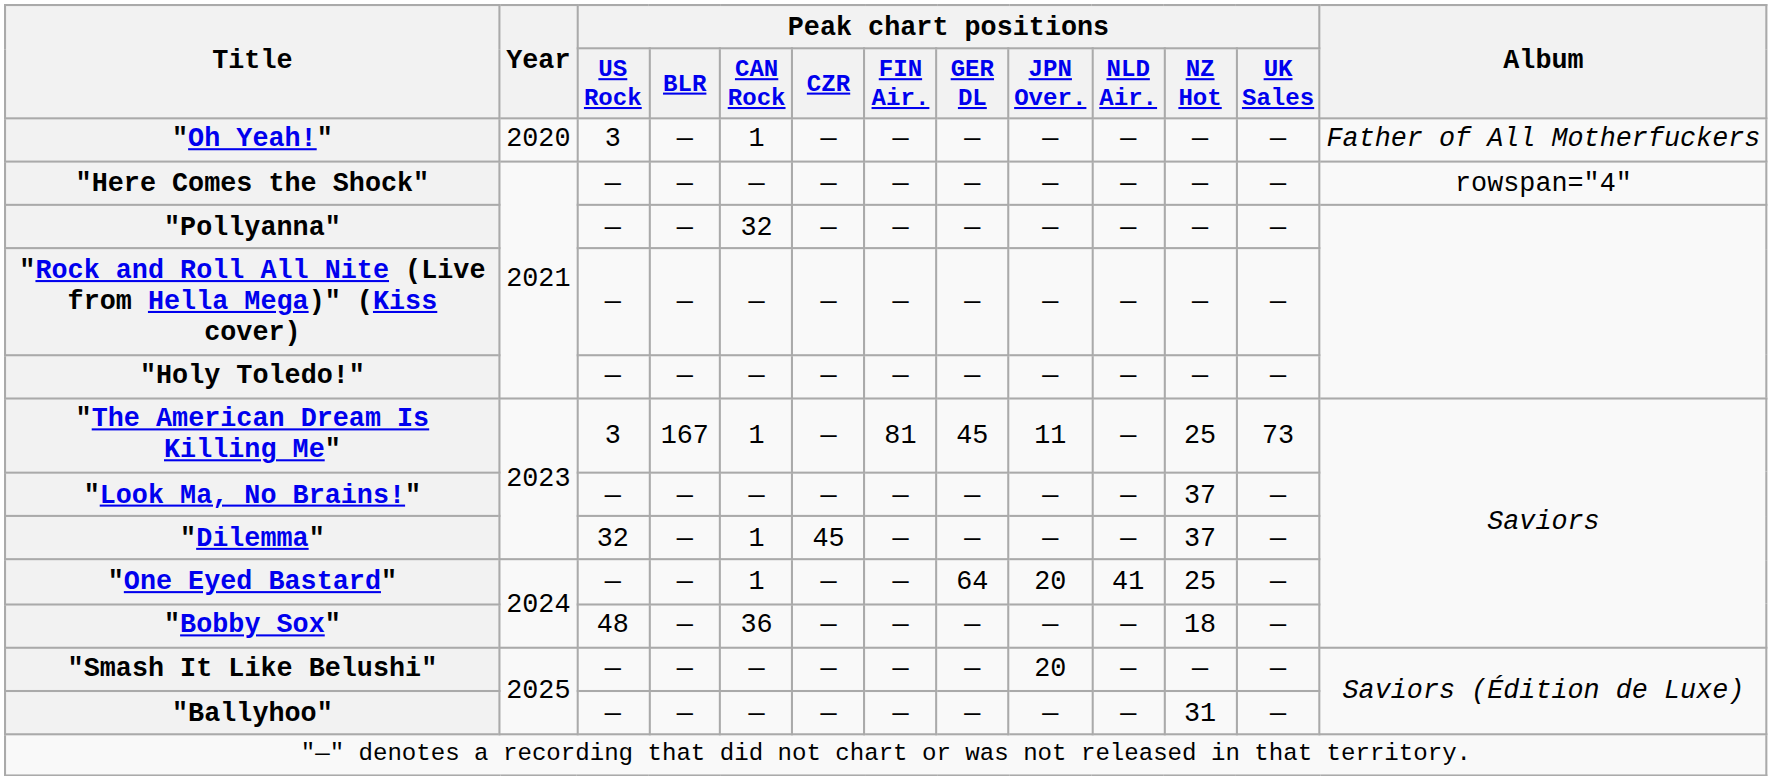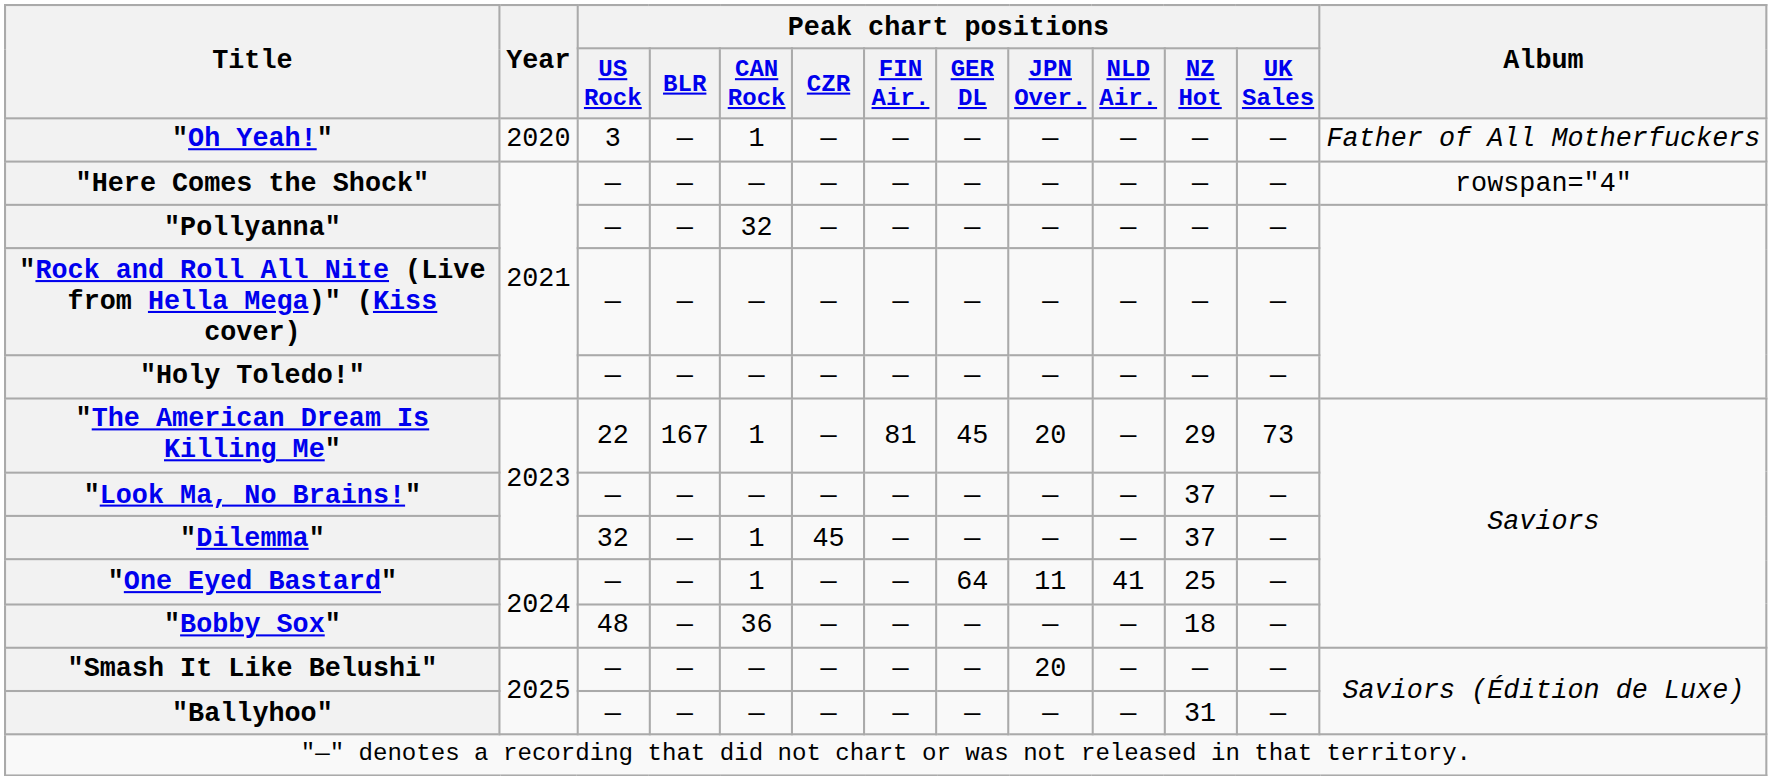 <table class="wikitable plainrowheaders" style="text-align:center;" border="1">
 <tr>
 <th scope="col" rowspan="2" style="width:18em;">Title</th>
 <th scope="col" rowspan="2">Year</th>
 <th scope="col" colspan="10">Peak chart positions</th>
 <th scope="col" rowspan="2">Album</th>
 </tr>
 <tr>
 <th scope="col" style="width:2.5em;font-size:90%;"><a href='#'>US<br>Rock</a><br></th>
 <th scope="col" style="width:2.5em;font-size:90%;"><a href='#'>BLR</a><br></th>
 <th scope="col" style="width:2.5em;font-size:90%;"><a href='#'>CAN<br>Rock</a><br></th>
 <th scope="col" style="width:2.5em;font-size:90%;"><a href='#'>CZR</a><br></th>
 <th scope="col" style="width:2.5em;font-size:90%;"><a href='#'>FIN<br>Air.</a><br></th>
 <th scope="col" style="width:2.5em;font-size:90%;"><a href='#'>GER<br>DL</a><br></th>
 <th scope="col" style="width:2.5em;font-size:90%;"><a href='#'>JPN<br>Over.</a><br></th>
 <th scope="col" style="width:2.5em;font-size:90%;"><a href='#'>NLD<br>Air.</a><br></th>
 <th scope="col" style="width:2.5em;font-size:90%;"><a href='#'>NZ<br>Hot</a><br></th>
 <th scope="col" style="width:2.5em;font-size:90%;"><a href='#'>UK<br>Sales</a><br></th>
 </tr>
 <tr>
 <th scope="row">"<a href='#'>Oh Yeah!</a>"</th>
 <td>2020</td>
 <td>3</td>
 <td>—</td>
 <td>1</td>
 <td>—</td>
 <td>—</td>
 <td>—</td>
 <td>—</td>
 <td>—</td>
 <td>—</td>
 <td>—</td>
 <td><em>Father of All Motherfuckers</em></td>
 </tr>
 <tr>
 <th scope="row">"Here Comes the Shock"</th>
 <td rowspan="4">2021</td>
 <td>—</td>
 <td>—</td>
 <td>—</td>
 <td>—</td>
 <td>—</td>
 <td>—</td>
 <td>—</td>
 <td>—</td>
 <td>—</td>
 <td>—</td>
 <td>rowspan="4" </td>
 </tr>
 <tr>
 <th scope="row">"Pollyanna"</th>
 <td>—</td>
 <td>—</td>
 <td>32</td>
 <td>—</td>
 <td>—</td>
 <td>—</td>
 <td>—</td>
 <td>—</td>
 <td>—</td>
 <td>—</td>
 </tr>
 <tr>
 <th scope="row">"<a href='#'>Rock and Roll All Nite</a> (Live from <a href='#'>Hella Mega</a>)" <span>(<a href='#'>Kiss</a> cover)</span></th>
 <td>—</td>
 <td>—</td>
 <td>—</td>
 <td>—</td>
 <td>—</td>
 <td>—</td>
 <td>—</td>
 <td>—</td>
 <td>—</td>
 <td>—</td>
 </tr>
 <tr>
 <th scope="row">"Holy Toledo!"</th>
 <td>—</td>
 <td>—</td>
 <td>—</td>
 <td>—</td>
 <td>—</td>
 <td>—</td>
 <td>—</td>
 <td>—</td>
 <td>—</td>
 <td>—</td>
 </tr>
 <tr>
 <th scope="row">"<a href='#'>The American Dream Is Killing Me</a>"</th>
 <td rowspan="3">2023</td>
-<td>3</td>
+<td>22</td>
 <td>167</td>
 <td>1</td>
 <td>—</td>
 <td>81</td>
 <td>45</td>
-<td>11</td>
+<td>20</td>
 <td>—</td>
-<td>25</td>
+<td>29</td>
 <td>73</td>
 <td rowspan="5"><em>Saviors</em></td>
 </tr>
 <tr>
 <th scope="row">"<a href='#'>Look Ma, No Brains!</a>"</th>
 <td>—</td>
 <td>—</td>
 <td>—</td>
 <td>—</td>
 <td>—</td>
 <td>—</td>
 <td>—</td>
 <td>—</td>
 <td>37</td>
 <td>—</td>
 </tr>
 <tr>
 <th scope="row">"<a href='#'>Dilemma</a>"</th>
 <td>32</td>
 <td>—</td>
 <td>1</td>
 <td>45</td>
 <td>—</td>
 <td>—</td>
 <td>—</td>
 <td>—</td>
 <td>37</td>
 <td>—</td>
 </tr>
 <tr>
 <th scope="row">"<a href='#'>One Eyed Bastard</a>"</th>
 <td rowspan="2">2024</td>
 <td>—</td>
 <td>—</td>
 <td>1</td>
 <td>—</td>
 <td>—</td>
 <td>64</td>
-<td>20</td>
+<td>11</td>
 <td>41</td>
 <td>25</td>
 <td>—</td>
 </tr>
 <tr>
 <th scope="row">"<a href='#'>Bobby Sox</a>"</th>
 <td>48</td>
 <td>—</td>
 <td>36</td>
 <td>—</td>
 <td>—</td>
 <td>—</td>
 <td>—</td>
 <td>—</td>
 <td>18</td>
 <td>—</td>
 </tr>
 <tr>
 <th scope="row">"Smash It Like Belushi"</th>
 <td rowspan="2">2025</td>
 <td>—</td>
 <td>—</td>
 <td>—</td>
 <td>—</td>
 <td>—</td>
 <td>—</td>
 <td>20</td>
 <td>—</td>
 <td>—</td>
 <td>—</td>
 <td rowspan="2"><em>Saviors (Édition de Luxe)</em></td>
 </tr>
 <tr>
 <th scope="row">"Ballyhoo"</th>
 <td>—</td>
 <td>—</td>
 <td>—</td>
 <td>—</td>
 <td>—</td>
 <td>—</td>
 <td>—</td>
 <td>—</td>
 <td>31</td>
 <td>—</td>
 </tr>
 <tr>
 <td colspan="14" style="font-size:90%">"—" denotes a recording that did not chart or was not released in that territory.</td>
 </tr>
 </table>
